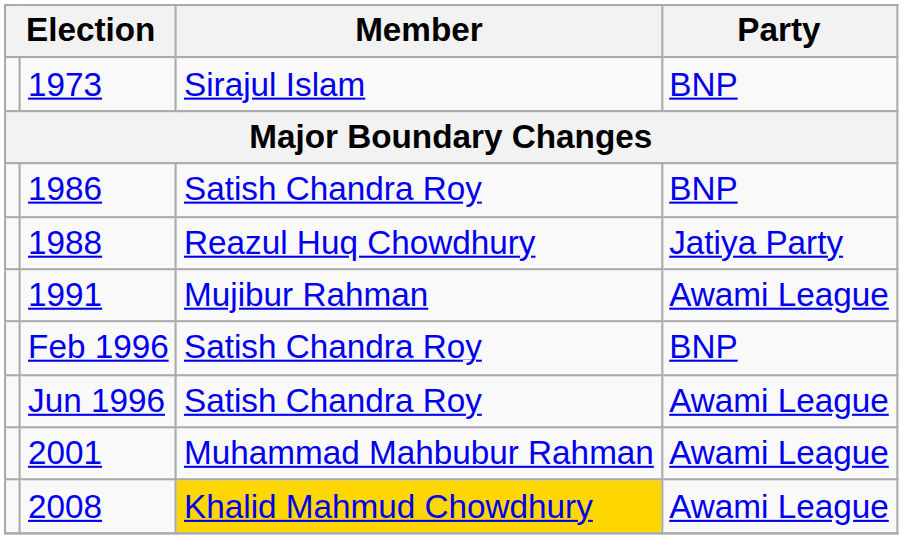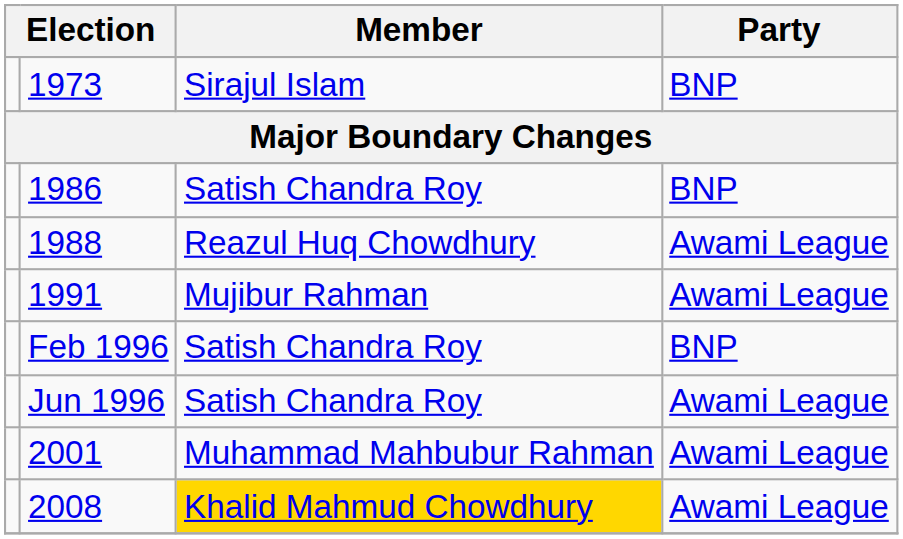 <table class="wikitable">
 <tr>
 <th colspan="2">Election</th>
 <th>Member</th>
 <th>Party</th>
 </tr>
 <tr>
 <td style="background-color:"></td>
 <td><a href='#'>1973</a></td>
 <td><a href='#'>Sirajul Islam</a></td>
 <td><a href='#'>BNP</a></td>
 </tr>
 <tr>
 <th colspan="4">Major Boundary Changes</th>
 </tr>
 <tr>
 <td style="background-color:"></td>
 <td><a href='#'>1986</a></td>
 <td><a href='#'>Satish Chandra Roy</a></td>
 <td><a href='#'>BNP</a></td>
 </tr>
 <tr>
 <td style="background-color:"></td>
 <td><a href='#'>1988</a></td>
 <td><a href='#'>Reazul Huq Chowdhury</a></td>
-<td><a href='#'>Jatiya Party</a></td>
+<td><a href='#'>Awami League</a></td>
 </tr>
 <tr>
 <td style="background-color:"></td>
 <td><a href='#'>1991</a></td>
 <td><a href='#'>Mujibur Rahman</a></td>
 <td><a href='#'>Awami League</a></td>
 </tr>
 <tr>
 <td style="background-color:"></td>
 <td><a href='#'>Feb 1996</a></td>
 <td><a href='#'>Satish Chandra Roy</a></td>
 <td><a href='#'>BNP</a></td>
 </tr>
 <tr>
 <td style="background-color:"></td>
 <td><a href='#'>Jun 1996</a></td>
 <td><a href='#'>Satish Chandra Roy</a></td>
 <td><a href='#'>Awami League</a></td>
 </tr>
 <tr>
 <td style="background-color:"></td>
 <td><a href='#'>2001</a></td>
 <td><a href='#'>Muhammad Mahbubur Rahman</a></td>
 <td><a href='#'>Awami League</a></td>
 </tr>
 <tr>
 <td style="background-color:"></td>
 <td><a href='#'>2008</a></td>
 <td style="background: gold;"><a href='#'>Khalid Mahmud Chowdhury</a></td>
 <td><a href='#'>Awami League</a></td>
 </tr>
 <tr>
 </tr>
 </table>
